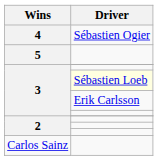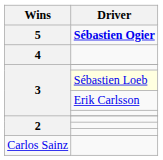 <table class="wikitable" style="font-size: 95%;float:left;margin-right:1em">
 <tr>
 <th>Wins</th>
 <th>Driver</th>
 </tr>
 <tr>
-<th>4</th>
-<td> <a href='#'>Sébastien Ogier</a></td>
+<th>5</th>
+<td><strong> <a href='#'>Sébastien Ogier</a></strong></td>
 </tr>
 <tr>
-<th>5</th>
+<th>4</th>
 <td></td>
 </tr>
 <tr>
 <th rowspan="5">3</th>
 </tr>
 <tr>
 <td></td>
 </tr>
 <tr>
 <td style="background: lightyellow;"> <a href='#'>Sébastien Loeb</a></td>
 </tr>
 <tr>
 <td> <a href='#'>Erik Carlsson</a></td>
 </tr>
 <tr>
 <td></td>
 </tr>
 <tr>
 <th rowspan="5">2</th>
 </tr>
 <tr>
 </tr>
 <tr>
 <td></td>
 </tr>
 <tr>
 <td></td>
 </tr>
 <tr>
 <td></td>
 </tr>
 <tr>
 <td> <a href='#'>Carlos Sainz</a></td>
 </tr>
 </table>
